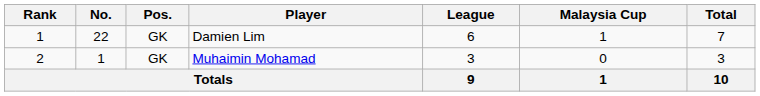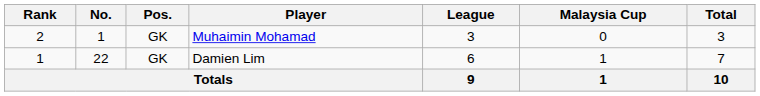 <table class="wikitable sortable" style="text-align:center;width:100%;">
 <tr>
 <th>Rank</th>
 <th>No.</th>
 <th>Pos.</th>
 <th>Player</th>
 <th>League</th>
 <th>Malaysia Cup</th>
 <th>Total</th>
 </tr>
 <tr>
+<td rowspan=1>2</td>
+<td>1</td>
+<td>GK</td>
+<td align=left> <a href='#'>Muhaimin Mohamad</a></td>
+<td>3</td>
+<td>0</td>
+<td>3</td>
+</tr>
+<tr>
 <td rowspan=1>1</td>
 <td>22</td>
 <td>GK</td>
 <td align=left> Damien Lim</td>
 <td>6</td>
 <td>1</td>
 <td>7</td>
 </tr>
 <tr>
-<td rowspan=1>2</td>
-<td>1</td>
-<td>GK</td>
-<td align=left> <a href='#'>Muhaimin Mohamad</a></td>
-<td>3</td>
-<td>0</td>
-<td>3</td>
-</tr>
-<tr>
 <th colspan=4><strong>Totals</strong></th>
 <th>9</th>
 <th><strong>1</strong></th>
 <th><strong>10</strong></th>
 </tr>
 </table>
